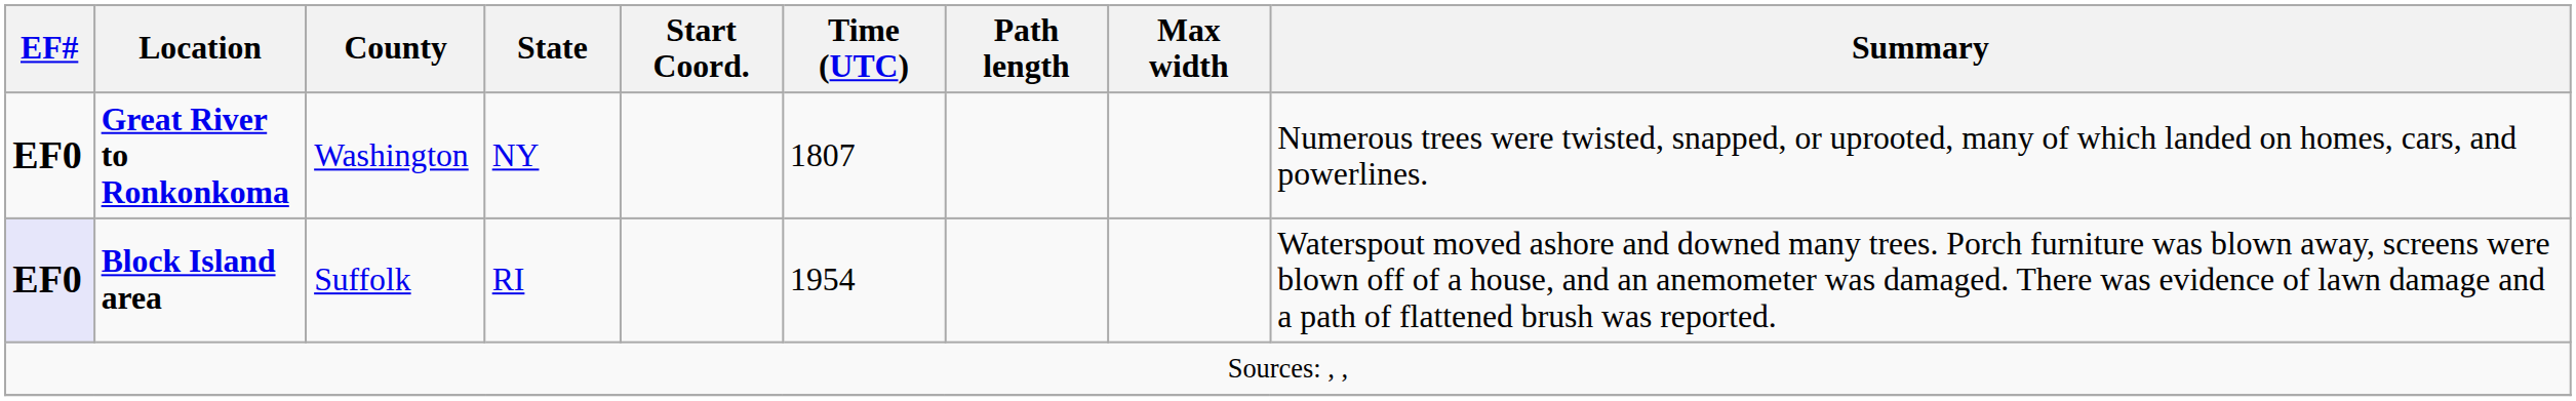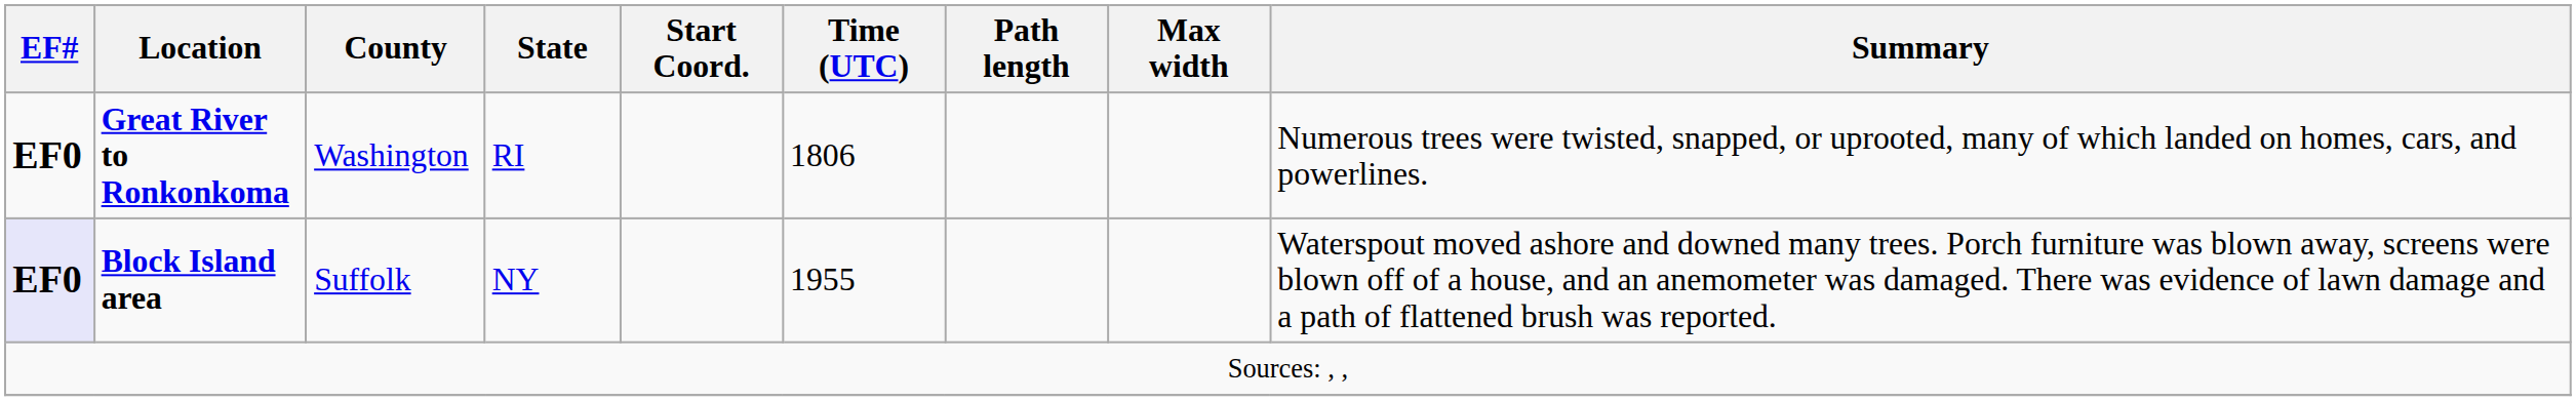 <table class="wikitable collapsible" width="100%">
 <tr>
 <th scope="col"  style="width:3%; text-align:center;"><a href='#'>EF#</a></th>
 <th scope="col"  style="width:7%; text-align:center;" class="unsortable">Location</th>
 <th scope="col"  style="width:6%; text-align:center;" class="unsortable">County</th>
 <th scope="col"  style="width:5%; text-align:center;">State</th>
 <th scope="col"  style="width:6%; text-align:center;">Start Coord.</th>
 <th scope="col"  style="width:6%; text-align:center;">Time (<a href='#'>UTC</a>)</th>
 <th scope="col"  style="width:6%; text-align:center;">Path length</th>
 <th scope="col"  style="width:6%; text-align:center;">Max width</th>
 <th scope="col" class="unsortable" style="width:48%; text-align:center;">Summary</th>
 </tr>
 <tr>
 <td><big><strong>EF0</strong></big></td>
 <td><strong><a href='#'>Great River</a> to <a href='#'>Ronkonkoma</a></strong></td>
 <td><a href='#'>Washington</a></td>
-<td><a href='#'>NY</a></td>
+<td><a href='#'>RI</a></td>
 <td></td>
-<td>1807</td>
+<td>1806</td>
 <td></td>
 <td></td>
 <td>Numerous trees were twisted, snapped, or uprooted, many of which landed on homes, cars, and powerlines.</td>
 </tr>
 <tr>
 <td style="background: lavender;"><big><strong>EF0</strong></big></td>
 <td><strong><a href='#'>Block Island</a> area</strong></td>
 <td><a href='#'>Suffolk</a></td>
-<td><a href='#'>RI</a></td>
+<td><a href='#'>NY</a></td>
 <td></td>
-<td>1954</td>
+<td>1955</td>
 <td></td>
 <td></td>
 <td>Waterspout moved ashore and downed many trees. Porch furniture was blown away, screens were blown off of a house, and an anemometer was damaged. There was evidence of lawn damage and a path of flattened brush was reported.</td>
 </tr>
 <tr>
 <td colspan="9" align=center><small>Sources: , , </small></td>
 </tr>
 <tr>
 </tr>
 </table>
